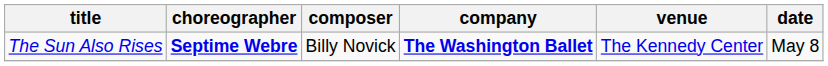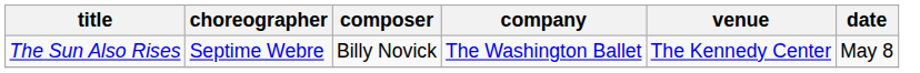 <table class="wikitable sortable">
 <tr>
 <th>title</th>
 <th>choreographer</th>
 <th>composer</th>
 <th>company</th>
 <th>venue</th>
 <th>date</th>
 </tr>
 <tr>
 <td><em><a href='#'>The Sun Also Rises</a></em></td>
-<td><strong><a href='#'>Septime Webre</a></strong></td>
+<td><a href='#'>Septime Webre</a></td>
 <td>Billy Novick</td>
-<td><strong><a href='#'>The Washington Ballet</a></strong></td>
+<td><a href='#'>The Washington Ballet</a></td>
 <td><a href='#'>The Kennedy Center</a></td>
 <td>May 8</td>
 </tr>
 <tr>
 </tr>
 </table>
